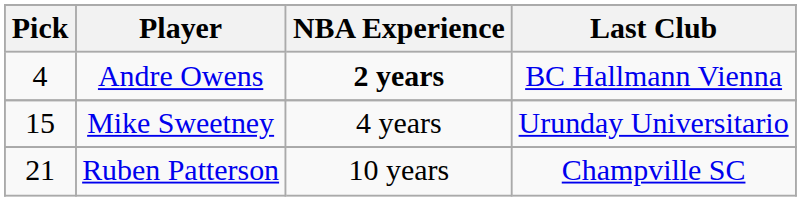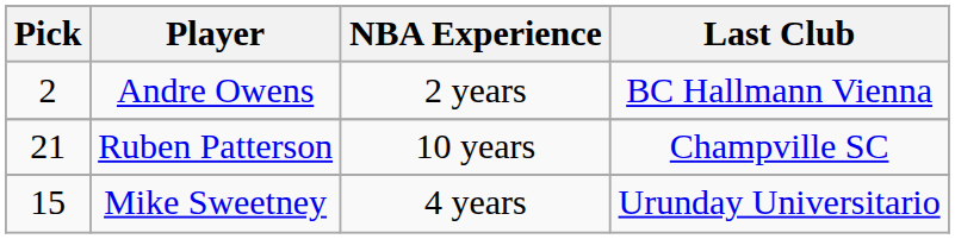 <table class="wikitable sortable sortable">
 <tr>
 </tr>
 <tr style="text-align: center">
 <th>Pick</th>
 <th>Player</th>
 <th>NBA Experience</th>
 <th>Last Club</th>
 </tr>
 <tr style="text-align: center">
-<td>4</td>
+<td>2</td>
 <td><a href='#'>Andre Owens</a></td>
-<td><strong>2 years</strong></td>
+<td>2 years</td>
 <td> <a href='#'>BC Hallmann Vienna</a></td>
+</tr>
+<tr>
+</tr>
+<tr style="text-align: center">
+<td>21</td>
+<td><a href='#'>Ruben Patterson</a></td>
+<td>10 years</td>
+<td> <a href='#'>Champville SC</a></td>
 </tr>
 <tr>
 </tr>
 <tr style="text-align: center">
 <td>15</td>
 <td><a href='#'>Mike Sweetney</a></td>
 <td>4 years</td>
 <td> <a href='#'>Urunday Universitario</a></td>
 </tr>
-<tr>
-</tr>
-<tr style="text-align: center">
-<td>21</td>
-<td><a href='#'>Ruben Patterson</a></td>
-<td>10 years</td>
-<td> <a href='#'>Champville SC</a></td>
-</tr>
 </table>
